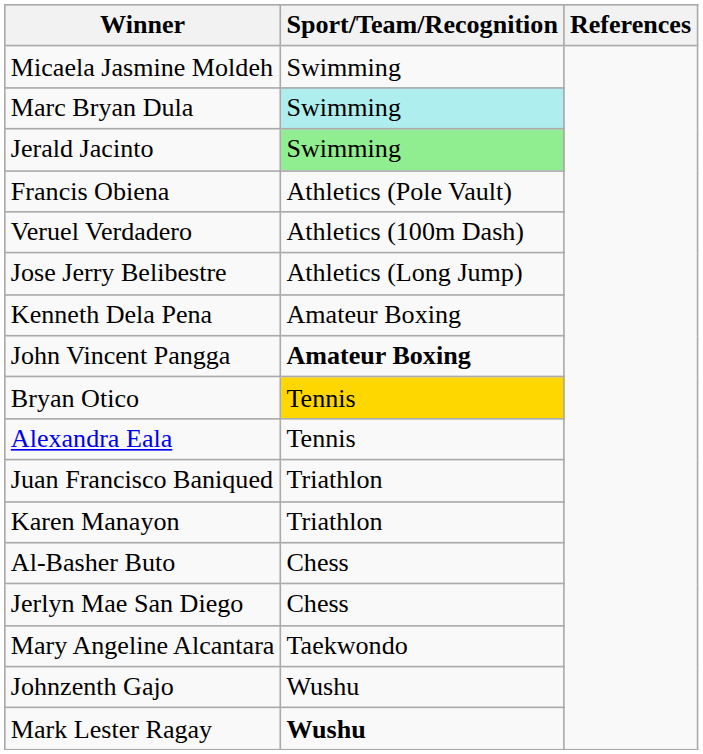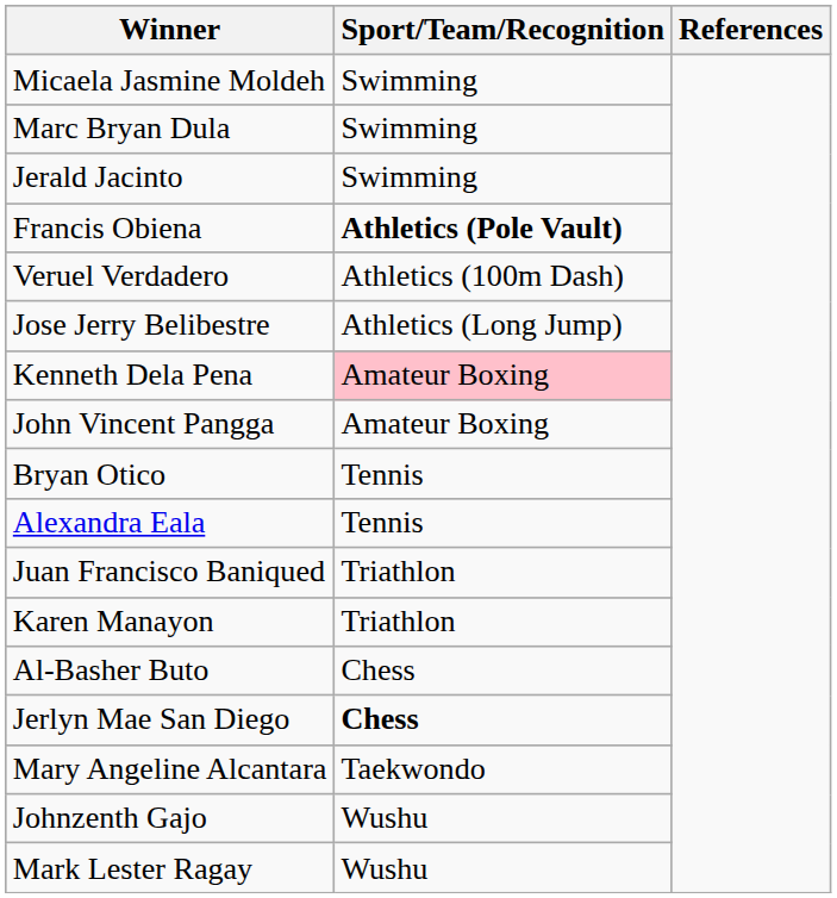 <table class="wikitable">
 <tr>
 <th>Winner</th>
 <th>Sport/Team/Recognition</th>
 <th>References</th>
 </tr>
 <tr>
 <td>Micaela Jasmine Moldeh</td>
 <td>Swimming</td>
 <td rowspan=17></td>
 </tr>
 <tr>
 <td>Marc Bryan Dula</td>
-<td style="background: paleturquoise;">Swimming</td>
+<td>Swimming</td>
 </tr>
 <tr>
 <td>Jerald Jacinto</td>
-<td style="background: lightgreen;">Swimming</td>
+<td>Swimming</td>
 </tr>
 <tr>
 <td>Francis Obiena</td>
-<td>Athletics (Pole Vault)</td>
+<td><strong>Athletics (Pole Vault)</strong></td>
 </tr>
 <tr>
 <td>Veruel Verdadero</td>
 <td>Athletics (100m Dash)</td>
 </tr>
 <tr>
 <td>Jose Jerry Belibestre</td>
 <td>Athletics (Long Jump)</td>
 </tr>
 <tr>
 <td>Kenneth Dela Pena</td>
+<td style="background: pink;">Amateur Boxing</td>
+</tr>
+<tr>
+<td>John Vincent Pangga</td>
 <td>Amateur Boxing</td>
 </tr>
 <tr>
-<td>John Vincent Pangga</td>
-<td><strong>Amateur Boxing</strong></td>
-</tr>
-<tr>
 <td>Bryan Otico</td>
-<td style="background: gold;">Tennis</td>
+<td>Tennis</td>
 </tr>
 <tr>
 <td><a href='#'>Alexandra Eala</a></td>
 <td>Tennis</td>
 </tr>
 <tr>
 <td>Juan Francisco Baniqued</td>
 <td>Triathlon</td>
 </tr>
 <tr>
 <td>Karen Manayon</td>
 <td>Triathlon</td>
 </tr>
 <tr>
 <td>Al-Basher Buto</td>
 <td>Chess</td>
 </tr>
 <tr>
 <td>Jerlyn Mae San Diego</td>
-<td>Chess</td>
+<td><strong>Chess</strong></td>
 </tr>
 <tr>
 <td>Mary Angeline Alcantara</td>
 <td>Taekwondo</td>
 </tr>
 <tr>
 <td>Johnzenth Gajo</td>
 <td>Wushu</td>
 </tr>
 <tr>
 <td>Mark Lester Ragay</td>
-<td><strong>Wushu</strong></td>
+<td>Wushu</td>
 </tr>
 </table>
